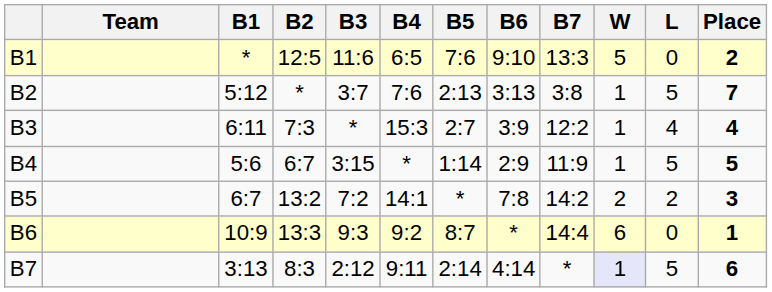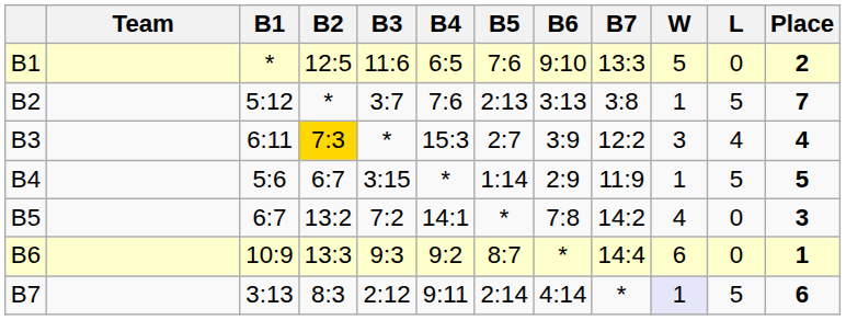 <table class="wikitable" style="text-align:center;">
 <tr>
 <th></th>
 <th width="120">Team</th>
 <th width="25">B1</th>
 <th width="25">B2</th>
 <th width="25">B3</th>
 <th width="25">B4</th>
 <th width="25">B5</th>
 <th width="25">B6</th>
 <th width="25">B7</th>
 <th width="30">W</th>
 <th width="30">L</th>
 <th>Place</th>
 </tr>
 <tr bgcolor=#ffffcc>
 <td>B1</td>
 <td align=left></td>
 <td>*</td>
 <td>12:5</td>
 <td>11:6</td>
 <td>6:5</td>
 <td>7:6</td>
 <td>9:10</td>
 <td>13:3</td>
 <td>5</td>
 <td>0</td>
 <td><strong>2</strong></td>
 </tr>
 <tr>
 <td>B2</td>
 <td align=left></td>
 <td>5:12</td>
 <td>*</td>
 <td>3:7</td>
 <td>7:6</td>
 <td>2:13</td>
 <td>3:13</td>
 <td>3:8</td>
 <td>1</td>
 <td>5</td>
 <td><strong>7</strong></td>
 </tr>
 <tr>
 <td>B3</td>
 <td align=left></td>
 <td>6:11</td>
-<td>7:3</td>
+<td style="background: gold;">7:3</td>
 <td>*</td>
 <td>15:3</td>
 <td>2:7</td>
 <td>3:9</td>
 <td>12:2</td>
-<td>1</td>
+<td>3</td>
 <td>4</td>
 <td><strong>4</strong></td>
 </tr>
 <tr>
 <td>B4</td>
 <td align=left></td>
 <td>5:6</td>
 <td>6:7</td>
 <td>3:15</td>
 <td>*</td>
 <td>1:14</td>
 <td>2:9</td>
 <td>11:9</td>
 <td>1</td>
 <td>5</td>
 <td><strong>5</strong></td>
 </tr>
 <tr>
 <td>B5</td>
 <td align=left></td>
 <td>6:7</td>
 <td>13:2</td>
 <td>7:2</td>
 <td>14:1</td>
 <td>*</td>
 <td>7:8</td>
 <td>14:2</td>
-<td>2</td>
-<td>2</td>
+<td>4</td>
+<td>0</td>
 <td><strong>3</strong></td>
 </tr>
 <tr bgcolor=#ffffcc>
 <td>B6</td>
 <td align=left></td>
 <td>10:9</td>
 <td>13:3</td>
 <td>9:3</td>
 <td>9:2</td>
 <td>8:7</td>
 <td>*</td>
 <td>14:4</td>
 <td>6</td>
 <td>0</td>
 <td><strong>1</strong></td>
 </tr>
 <tr>
 <td>B7</td>
 <td align=left></td>
 <td>3:13</td>
 <td>8:3</td>
 <td>2:12</td>
 <td>9:11</td>
 <td>2:14</td>
 <td>4:14</td>
 <td>*</td>
 <td style="background: lavender;">1</td>
 <td>5</td>
 <td><strong>6</strong></td>
 </tr>
 </table>
